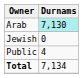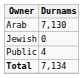 <table class="wikitable">
 <tr>
 <th>Owner</th>
 <th>Durnams</th>
 </tr>
 <tr>
 <td>Arab</td>
-<td style="background: paleturquoise;">7,130</td>
+<td>7,130</td>
 </tr>
 <tr>
 <td>Jewish</td>
 <td>0</td>
 </tr>
 <tr>
 <td>Public</td>
 <td>4</td>
 </tr>
 <tr>
 <td><strong>Total</strong></td>
 <td>7,134</td>
 </tr>
 <tr>
 </tr>
 </table>
